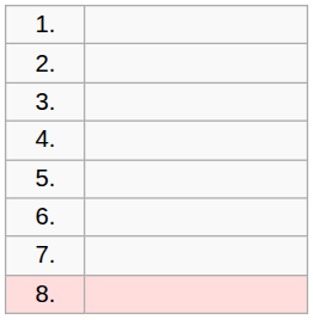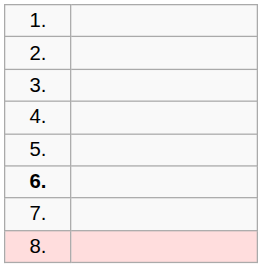 <table class="wikitable" style="text-align:center; width:200px;">
 <tr>
 <td style="width:45px;">1.</td>
 <td style="padding-left:4px; text-align:left;"></td>
 </tr>
 <tr>
 <td>2.</td>
 <td style="padding-left:4px; text-align:left;"></td>
 </tr>
 <tr>
 <td>3.</td>
 <td style="padding-left:4px; text-align:left;"></td>
 </tr>
 <tr>
 <td>4.</td>
 <td style="padding-left:4px; text-align:left;"></td>
 </tr>
 <tr>
 <td>5.</td>
 <td style="padding-left:4px; text-align:left;"></td>
 </tr>
 <tr>
-<td>6.</td>
+<td><strong>6.</strong></td>
 <td style="padding-left:4px; text-align:left;"></td>
 </tr>
 <tr>
 <td>7.</td>
 <td style="padding-left:4px; text-align:left;"></td>
 </tr>
 <tr style="background:#fdd;">
 <td>8.</td>
 <td style="padding-left:4px; text-align:left;"></td>
 </tr>
 </table>
